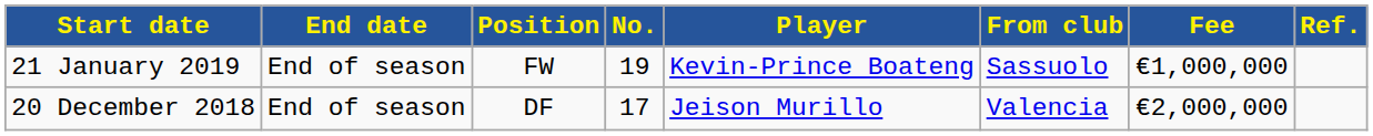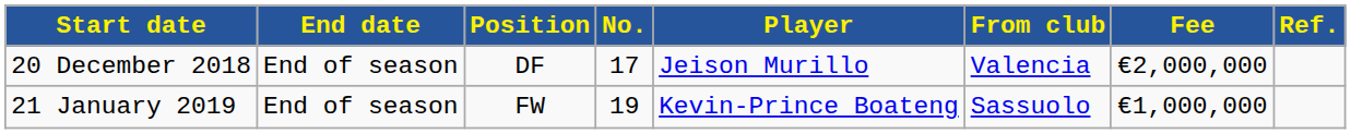 <table class="wikitable sortable">
 <tr>
 <th style="background:#26559B; color:#FFF000; ">Start date</th>
 <th style="background:#26559B; color:#FFF000; ">End date</th>
 <th style="background:#26559B; color:#FFF000; ">Position</th>
 <th style="background:#26559B; color:#FFF000; ">No.</th>
 <th style="background:#26559B; color:#FFF000; ">Player</th>
 <th style="background:#26559B; color:#FFF000; ">From club</th>
 <th style="background:#26559B; color:#FFF000; ">Fee</th>
 <th style="background:#26559B; color:#FFF000; ">Ref.</th>
 </tr>
 <tr>
+<td>20 December 2018</td>
+<td>End of season</td>
+<td style="text-align:center;">DF</td>
+<td style="text-align:center;">17</td>
+<td style="text-align:left;"> <a href='#'>Jeison Murillo</a></td>
+<td style="text-align:left;"> <a href='#'>Valencia</a></td>
+<td>€2,000,000</td>
+<td></td>
+</tr>
+<tr>
 <td>21 January 2019</td>
 <td>End of season</td>
 <td style="text-align:center;">FW</td>
 <td style="text-align:center;">19</td>
 <td style="text-align:left;"> <a href='#'>Kevin-Prince Boateng</a></td>
 <td style="text-align:left;"> <a href='#'>Sassuolo</a></td>
 <td>€1,000,000</td>
 <td></td>
 </tr>
-<tr>
-<td>20 December 2018</td>
-<td>End of season</td>
-<td style="text-align:center;">DF</td>
-<td style="text-align:center;">17</td>
-<td style="text-align:left;"> <a href='#'>Jeison Murillo</a></td>
-<td style="text-align:left;"> <a href='#'>Valencia</a></td>
-<td>€2,000,000</td>
-<td></td>
-</tr>
 </table>
